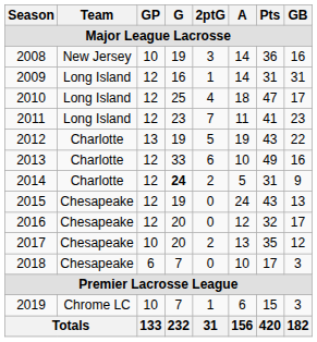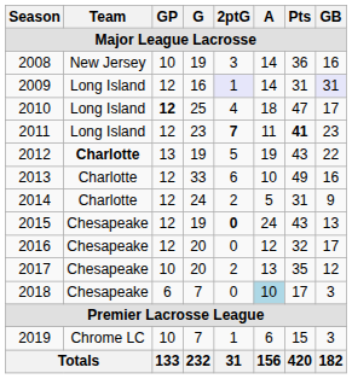 <table class="wikitable" style="text-align:center">
 <tr>
 <th>Season</th>
 <th>Team</th>
 <th>GP</th>
 <th>G</th>
 <th>2ptG</th>
 <th>A</th>
 <th>Pts</th>
 <th>GB</th>
 </tr>
 <tr bgcolor=#e0e0e0>
 <td align="center" colspan="8" style="color:black; text-align:center"><strong>Major League Lacrosse</strong></td>
 </tr>
 <tr>
 <td>2008</td>
 <td>New Jersey</td>
 <td>10</td>
 <td>19</td>
 <td>3</td>
 <td>14</td>
 <td>36</td>
 <td>16</td>
 </tr>
 <tr>
 <td>2009</td>
 <td>Long Island</td>
 <td>12</td>
 <td>16</td>
-<td>1</td>
+<td style="background: lavender;">1</td>
 <td>14</td>
 <td>31</td>
-<td>31</td>
+<td style="background: lavender;">31</td>
 </tr>
 <tr>
 <td>2010</td>
 <td>Long Island</td>
-<td>12</td>
+<td><strong>12</strong></td>
 <td>25</td>
 <td>4</td>
 <td>18</td>
 <td>47</td>
 <td>17</td>
 </tr>
 <tr>
 <td>2011</td>
 <td>Long Island</td>
 <td>12</td>
 <td>23</td>
-<td>7</td>
+<td><strong>7</strong></td>
 <td>11</td>
-<td>41</td>
+<td><strong>41</strong></td>
 <td>23</td>
 </tr>
 <tr>
 <td>2012</td>
-<td>Charlotte</td>
+<td><strong>Charlotte</strong></td>
 <td>13</td>
 <td>19</td>
 <td>5</td>
 <td>19</td>
 <td>43</td>
 <td>22</td>
 </tr>
 <tr>
 <td>2013</td>
 <td>Charlotte</td>
 <td>12</td>
 <td>33</td>
 <td>6</td>
 <td>10</td>
 <td>49</td>
 <td>16</td>
 </tr>
 <tr>
 <td>2014</td>
 <td>Charlotte</td>
 <td>12</td>
-<td><strong>24</strong></td>
+<td>24</td>
 <td>2</td>
 <td>5</td>
 <td>31</td>
 <td>9</td>
 </tr>
 <tr>
 <td>2015</td>
 <td>Chesapeake</td>
 <td>12</td>
 <td>19</td>
-<td>0</td>
+<td><strong>0</strong></td>
 <td>24</td>
 <td>43</td>
 <td>13</td>
 </tr>
 <tr>
 <td>2016</td>
 <td>Chesapeake</td>
 <td>12</td>
 <td>20</td>
 <td>0</td>
 <td>12</td>
 <td>32</td>
 <td>17</td>
 </tr>
 <tr>
 <td>2017</td>
 <td>Chesapeake</td>
 <td>10</td>
 <td>20</td>
 <td>2</td>
 <td>13</td>
 <td>35</td>
 <td>12</td>
 </tr>
 <tr>
 <td>2018</td>
 <td>Chesapeake</td>
 <td>6</td>
 <td>7</td>
 <td>0</td>
-<td>10</td>
+<td style="background: lightblue;">10</td>
 <td>17</td>
 <td>3</td>
 </tr>
 <tr bgcolor=#e0e0e0>
 <td align="center" colspan="8" style="color:black; text-align:center"><strong>Premier Lacrosse League</strong></td>
 </tr>
 <tr>
 <td>2019</td>
 <td>Chrome LC</td>
 <td>10</td>
 <td>7</td>
 <td>1</td>
 <td>6</td>
 <td>15</td>
 <td>3</td>
 </tr>
 <tr bgcolor="#e0e0e0" align="center">
 <th colspan="2">Totals</th>
 <th>133</th>
 <th>232</th>
 <th>31</th>
 <th>156</th>
 <th>420</th>
 <th>182</th>
 </tr>
 </table>
